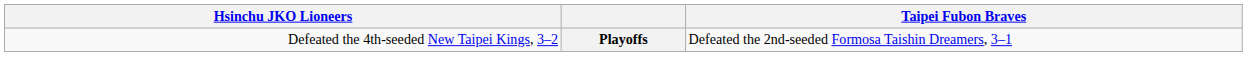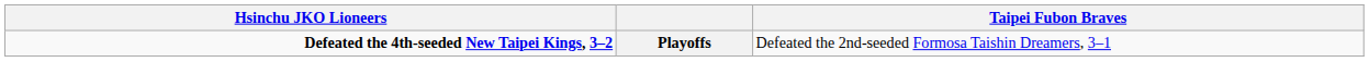 <table style="width:100%; font-size:90%" class="wikitable">
 <tr valign=top>
 <th style="width:45%;"><a href='#'>Hsinchu JKO Lioneers</a></th>
 <th colspan="2"></th>
 <th style="width:45%;"><a href='#'>Taipei Fubon Braves</a></th>
 </tr>
 <tr>
-<td align=right>Defeated the 4th-seeded <a href='#'>New Taipei Kings</a>, <a href='#'>3–2</a></td>
+<td align=right><strong>Defeated the 4th-seeded <a href='#'>New Taipei Kings</a>, <a href='#'>3–2</a></strong></td>
 <th colspan=2>Playoffs</th>
 <td align=left>Defeated the 2nd-seeded <a href='#'>Formosa Taishin Dreamers</a>, <a href='#'>3–1</a></td>
 </tr>
 </table>
